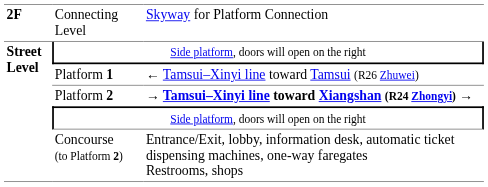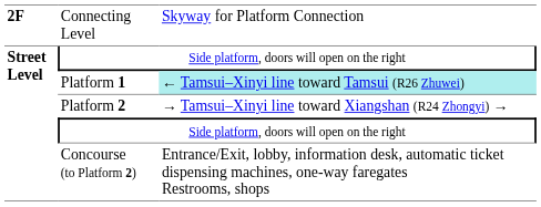 <table table border=0 cellspacing=0 cellpadding=3>
 <tr>
 <td style="border-bottom:solid 1px gray;border-top:solid 1px gray;" width=50 valign=top><strong>2F</strong></td>
 <td style="border-top:solid 1px gray;border-bottom:solid 1px gray;" width=100 valign=top>Connecting Level</td>
 <td style="border-top:solid 1px gray;border-bottom:solid 1px gray;" width=390 valign=top><a href='#'>Skyway</a> for Platform Connection</td>
 </tr>
 <tr>
 <td style="border-bottom:solid 1px gray;" width=50 rowspan=10 valign=top><strong>Street Level</strong></td>
 </tr>
 <tr>
 <td style="border-right:solid 2px black;border-left:solid 2px black;border-bottom:solid 2px black;border-top:solid 0px gray;text-align:center;" colspan=2><small><a href='#'>Side platform</a>, doors will open on the right</small></td>
 </tr>
 <tr>
 <td style="border-bottom:solid 1px gray;" width=100>Platform <span><strong>1</strong></span></td>
-<td style="border-bottom:solid 1px gray;" width=390>←  <a href='#'>Tamsui–Xinyi line</a> toward <a href='#'>Tamsui</a> <small>(R26 <a href='#'>Zhuwei</a>)</small></td>
+<td style="background: paleturquoise; border-bottom:solid 1px gray;" width=390>←  <a href='#'>Tamsui–Xinyi line</a> toward <a href='#'>Tamsui</a> <small>(R26 <a href='#'>Zhuwei</a>)</small></td>
 </tr>
 <tr>
 <td>Platform <span><strong>2</strong></span></td>
-<td><strong><span>→</span>  <a href='#'>Tamsui–Xinyi line</a> toward <a href='#'>Xiangshan</a> <small>(R24 <a href='#'>Zhongyi</a>)</small> →</strong></td>
+<td><span>→</span>  <a href='#'>Tamsui–Xinyi line</a> toward <a href='#'>Xiangshan</a> <small>(R24 <a href='#'>Zhongyi</a>)</small> →</td>
 </tr>
 <tr>
 <td style="border-top:solid 2px black;border-right:solid 2px black;border-left:solid 2px black;border-bottom:solid 1px gray;text-align:center;" colspan=2><small><a href='#'>Side platform</a>, doors will open on the right</small></td>
 </tr>
 <tr>
 <td style="border-bottom:solid 1px gray;" rowspan=3 valign=top>Concourse <br><small>(to Platform <span><strong>2</strong></span>)</small></td>
 </tr>
 <tr>
 <td style="border-bottom:solid 1px gray;" rowspan=2 valign=top width=390>Entrance/Exit, lobby, information desk, automatic ticket dispensing machines, one-way faregates<br>Restrooms, shops</td>
 </tr>
 </table>
